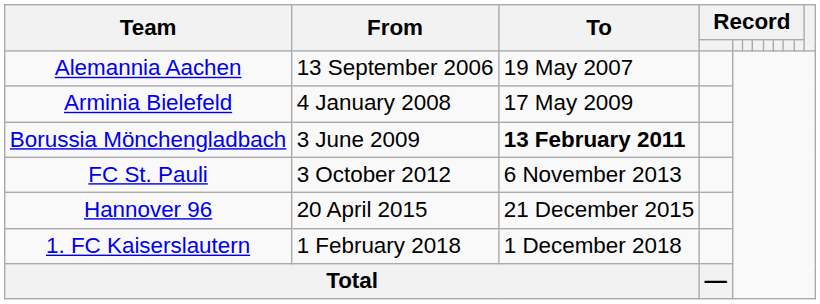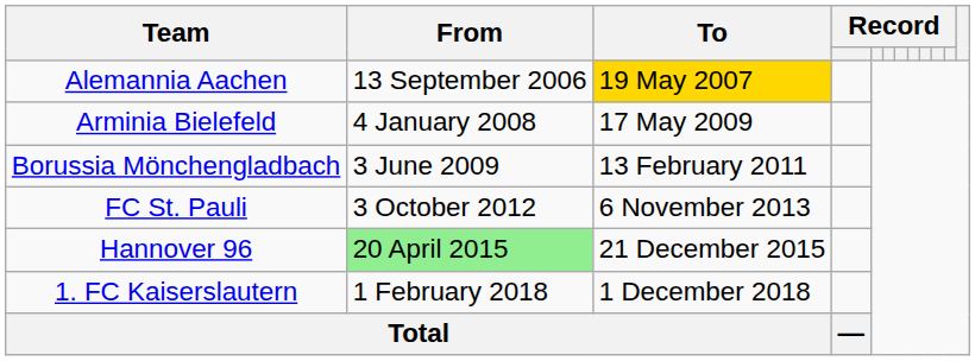 <table class="wikitable" style="text-align: center">
 <tr>
 <th rowspan="2">Team</th>
 <th rowspan="2">From</th>
 <th rowspan="2">To</th>
 <th colspan="8">Record</th>
 <th rowspan=2></th>
 </tr>
 <tr>
 <th></th>
 <th></th>
 <th></th>
 <th></th>
 <th></th>
 <th></th>
 <th></th>
 <th></th>
 </tr>
 <tr>
 <td><a href='#'>Alemannia Aachen</a></td>
 <td align=left>13 September 2006</td>
-<td align=left>19 May 2007<br></td>
+<td align=left style="background: gold;">19 May 2007<br></td>
 <td></td>
 </tr>
 <tr>
 <td><a href='#'>Arminia Bielefeld</a></td>
 <td align=left>4 January 2008</td>
 <td align=left>17 May 2009<br></td>
 <td></td>
 </tr>
 <tr>
 <td><a href='#'>Borussia Mönchengladbach</a></td>
 <td align=left>3 June 2009</td>
-<td align=left><strong>13 February 2011<br></strong></td>
+<td align=left>13 February 2011<br></td>
 <td></td>
 </tr>
 <tr>
 <td><a href='#'>FC St. Pauli</a></td>
 <td align=left>3 October 2012</td>
 <td align=left>6 November 2013<br></td>
 <td></td>
 </tr>
 <tr>
 <td><a href='#'>Hannover 96</a></td>
-<td align=left>20 April 2015</td>
+<td align=left style="background: lightgreen;">20 April 2015</td>
 <td align=left>21 December 2015<br></td>
 <td></td>
 </tr>
 <tr>
 <td><a href='#'>1. FC Kaiserslautern</a></td>
 <td align=left>1 February 2018</td>
 <td align=left>1 December 2018<br></td>
 <td></td>
 </tr>
 <tr>
 <th colspan="3">Total<br></th>
 <th>—</th>
 </tr>
 </table>
